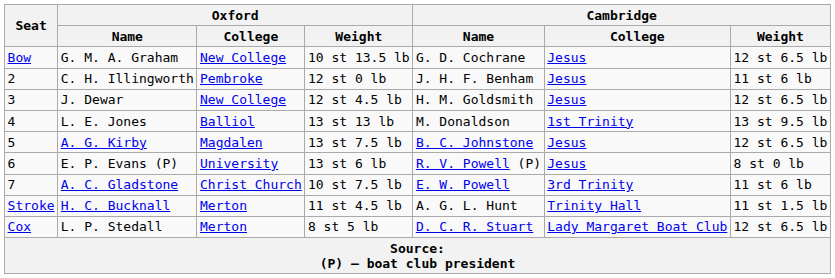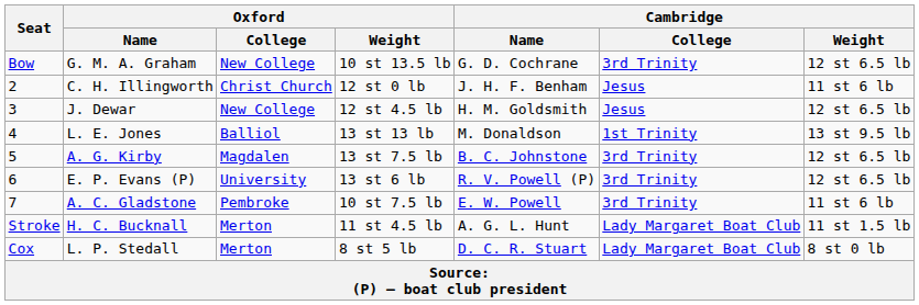 <table class="wikitable">
 <tr>
 <th rowspan="2" scope="col">Seat</th>
 <th colspan="3" scope="col">Oxford <br> </th>
 <th colspan="3" scope="col">Cambridge <br> </th>
 </tr>
 <tr>
 <th>Name</th>
 <th>College</th>
 <th>Weight</th>
 <th>Name</th>
 <th>College</th>
 <th>Weight</th>
 </tr>
 <tr>
 <td><a href='#'>Bow</a></td>
 <td>G. M. A. Graham</td>
 <td><a href='#'>New College</a></td>
 <td>10 st 13.5 lb</td>
 <td>G. D. Cochrane</td>
-<td><a href='#'>Jesus</a></td>
+<td><a href='#'>3rd Trinity</a></td>
 <td>12 st 6.5 lb</td>
 </tr>
 <tr>
 <td>2</td>
 <td>C. H. Illingworth</td>
-<td><a href='#'>Pembroke</a></td>
+<td><a href='#'>Christ Church</a></td>
 <td>12 st 0 lb</td>
 <td>J. H. F. Benham</td>
 <td><a href='#'>Jesus</a></td>
 <td>11 st 6 lb</td>
 </tr>
 <tr>
 <td>3</td>
 <td>J. Dewar</td>
 <td><a href='#'>New College</a></td>
 <td>12 st 4.5 lb</td>
 <td>H. M. Goldsmith</td>
 <td><a href='#'>Jesus</a></td>
 <td>12 st 6.5 lb</td>
 </tr>
 <tr>
 <td>4</td>
 <td>L. E. Jones</td>
 <td><a href='#'>Balliol</a></td>
 <td>13 st 13 lb</td>
 <td>M. Donaldson</td>
 <td><a href='#'>1st Trinity</a></td>
 <td>13 st 9.5 lb</td>
 </tr>
 <tr>
 <td>5</td>
 <td><a href='#'>A. G. Kirby</a></td>
 <td><a href='#'>Magdalen</a></td>
 <td>13 st 7.5 lb</td>
 <td><a href='#'>B. C. Johnstone</a></td>
-<td><a href='#'>Jesus</a></td>
+<td><a href='#'>3rd Trinity</a></td>
 <td>12 st 6.5 lb</td>
 </tr>
 <tr>
 <td>6</td>
 <td>E. P. Evans (P)</td>
 <td><a href='#'>University</a></td>
 <td>13 st 6 lb</td>
 <td><a href='#'>R. V. Powell</a> (P)</td>
-<td><a href='#'>Jesus</a></td>
-<td>8 st 0 lb</td>
+<td><a href='#'>3rd Trinity</a></td>
+<td>12 st 6.5 lb</td>
 </tr>
 <tr>
 <td>7</td>
 <td><a href='#'>A. C. Gladstone</a></td>
-<td><a href='#'>Christ Church</a></td>
+<td><a href='#'>Pembroke</a></td>
 <td>10 st 7.5 lb</td>
 <td><a href='#'>E. W. Powell</a></td>
 <td><a href='#'>3rd Trinity</a></td>
 <td>11 st 6 lb</td>
 </tr>
 <tr>
 <td><a href='#'>Stroke</a></td>
 <td><a href='#'>H. C. Bucknall</a></td>
 <td><a href='#'>Merton</a></td>
 <td>11 st 4.5 lb</td>
 <td>A. G. L. Hunt</td>
-<td><a href='#'>Trinity Hall</a></td>
+<td><a href='#'>Lady Margaret Boat Club</a></td>
 <td>11 st 1.5 lb</td>
 </tr>
 <tr>
 <td><a href='#'>Cox</a></td>
 <td>L. P. Stedall</td>
 <td><a href='#'>Merton</a></td>
 <td>8 st 5 lb</td>
 <td><a href='#'>D. C. R. Stuart</a></td>
 <td><a href='#'>Lady Margaret Boat Club</a></td>
-<td>12 st 6.5 lb</td>
+<td>8 st 0 lb</td>
 </tr>
 <tr>
 <th colspan="7">Source:<br>(P) – boat club president</th>
 </tr>
 </table>
